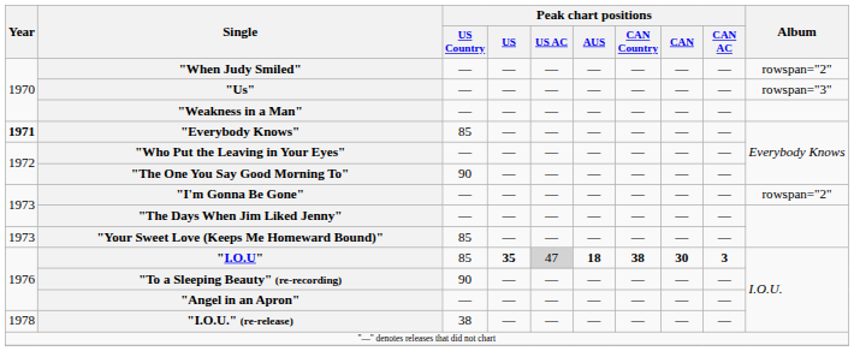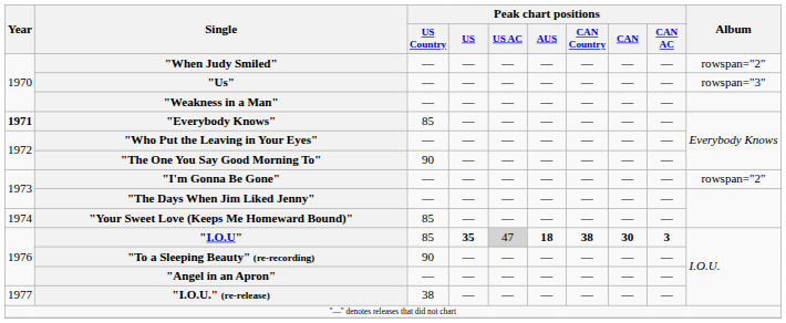 <table class="wikitable plainrowheaders" style="text-align:center;">
 <tr>
 <th rowspan="2">Year</th>
 <th rowspan="2" style="width:30em;">Single</th>
 <th colspan="7">Peak chart positions</th>
 <th rowspan="2">Album</th>
 </tr>
 <tr style="font-size:smaller;">
 <th width="45"><a href='#'>US Country</a><br></th>
 <th width="45"><a href='#'>US</a><br></th>
 <th width="45"><a href='#'>US AC</a><br></th>
 <th width="45"><a href='#'>AUS</a><br></th>
 <th width="45"><a href='#'>CAN Country</a><br></th>
 <th width="45"><a href='#'>CAN</a><br></th>
 <th width="45"><a href='#'>CAN AC</a><br></th>
 </tr>
 <tr>
 <td rowspan="3">1970</td>
 <th scope="row">"When Judy Smiled"</th>
 <td>—</td>
 <td>—</td>
 <td>—</td>
 <td>—</td>
 <td>—</td>
 <td>—</td>
 <td>—</td>
 <td>rowspan="2" </td>
 </tr>
 <tr>
 <th scope="row">"Us"</th>
 <td>—</td>
 <td>—</td>
 <td>—</td>
 <td>—</td>
 <td>—</td>
 <td>—</td>
 <td>—</td>
 <td>rowspan="3" </td>
 </tr>
 <tr>
 <th scope="row">"Weakness in a Man"</th>
 <td>—</td>
 <td>—</td>
 <td>—</td>
 <td>—</td>
 <td>—</td>
 <td>—</td>
 <td>—</td>
 </tr>
 <tr>
 <td><strong>1971</strong></td>
 <th scope="row">"Everybody Knows"</th>
 <td>85</td>
 <td>—</td>
 <td>—</td>
 <td>—</td>
 <td>—</td>
 <td>—</td>
 <td>—</td>
 <td align="left" rowspan="3"><em>Everybody Knows</em></td>
 </tr>
 <tr>
 <td rowspan="2">1972</td>
 <th scope="row">"Who Put the Leaving in Your Eyes"</th>
 <td>—</td>
 <td>—</td>
 <td>—</td>
 <td>—</td>
 <td>—</td>
 <td>—</td>
 <td>—</td>
 </tr>
 <tr>
 <th scope="row">"The One You Say Good Morning To"</th>
 <td>90</td>
 <td>—</td>
 <td>—</td>
 <td>—</td>
 <td>—</td>
 <td>—</td>
 <td>—</td>
 </tr>
 <tr>
 <td rowspan="2">1973</td>
 <th scope="row">"I'm Gonna Be Gone"</th>
 <td>—</td>
 <td>—</td>
 <td>—</td>
 <td>—</td>
 <td>—</td>
 <td>—</td>
 <td>—</td>
 <td>rowspan="2" </td>
 </tr>
 <tr>
 <th scope="row">"The Days When Jim Liked Jenny"</th>
 <td>—</td>
 <td>—</td>
 <td>—</td>
 <td>—</td>
 <td>—</td>
 <td>—</td>
 <td>—</td>
 </tr>
 <tr>
-<td>1973</td>
+<td>1974</td>
 <th scope="row">"Your Sweet Love (Keeps Me Homeward Bound)"</th>
 <td>85</td>
 <td>—</td>
 <td>—</td>
 <td>—</td>
 <td>—</td>
 <td>—</td>
 <td>—</td>
 </tr>
 <tr>
 <td rowspan="3">1976</td>
 <th scope="row">"<a href='#'>I.O.U</a>"</th>
 <td>85</td>
 <td><strong>35</strong></td>
 <td style="background: lightgrey;">47</td>
 <td><strong>18</strong></td>
 <td><strong>38</strong></td>
 <td><strong>30</strong></td>
 <td><strong>3</strong></td>
 <td align="left" rowspan="4"><em>I.O.U.</em></td>
 </tr>
 <tr>
 <th scope="row">"To a Sleeping Beauty" <small>(re-recording)</small></th>
 <td>90</td>
 <td>—</td>
 <td>—</td>
 <td>—</td>
 <td>—</td>
 <td>—</td>
 <td>—</td>
 </tr>
 <tr>
 <th scope="row">"Angel in an Apron"</th>
 <td>—</td>
 <td>—</td>
 <td>—</td>
 <td>—</td>
 <td>—</td>
 <td>—</td>
 <td>—</td>
 </tr>
 <tr>
-<td>1978</td>
+<td>1977</td>
 <th scope="row">"I.O.U." <small>(re-release)</small></th>
 <td>38</td>
 <td>—</td>
 <td>—</td>
 <td>—</td>
 <td>—</td>
 <td>—</td>
 <td>—</td>
 </tr>
 <tr>
 <td colspan="15" style="font-size:8pt">"—" denotes releases that did not chart</td>
 </tr>
 <tr>
 </tr>
 </table>
